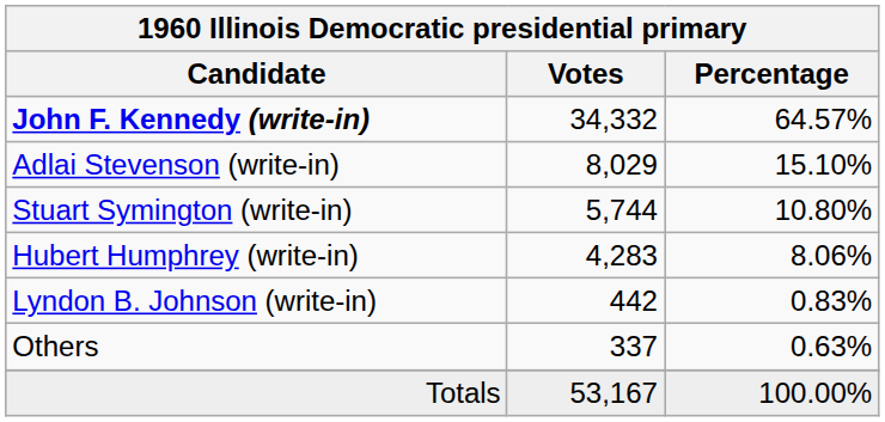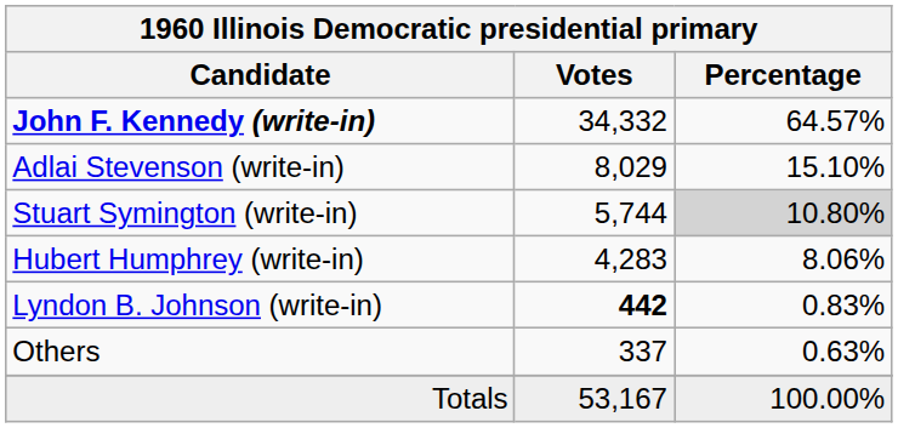 <table class="wikitable" style="font-size: 95%;">
 <tr>
 <th colspan="7">1960 Illinois Democratic presidential primary</th>
 </tr>
 <tr>
 <th style="width: 17em">Candidate</th>
 <th style="width: 5em">Votes</th>
 <th style="width: 7em">Percentage</th>
 </tr>
 <tr>
 <td><strong><a href='#'>John F. Kennedy</a> <em>(write-in)<strong><em></td>
 <td align="right"></strong>34,332<strong></td>
 <td align="right"></strong>64.57%<strong></td>
 </tr>
 <tr>
 <td><a href='#'>Adlai Stevenson</a> </em>(write-in)<em></td>
 <td align="right">8,029</td>
 <td align="right">15.10%</td>
 </tr>
 <tr>
 <td><a href='#'>Stuart Symington</a> </em>(write-in)<em></td>
 <td align="right">5,744</td>
-<td align="right">10.80%</td>
+<td align="right" style="background: lightgrey;">10.80%</td>
 </tr>
 <tr>
 <td><a href='#'>Hubert Humphrey</a> </em>(write-in)<em></td>
 <td align="right">4,283</td>
 <td align="right">8.06%</td>
 </tr>
 <tr>
 <td><a href='#'>Lyndon B. Johnson</a> </em>(write-in)<em></td>
-<td align="right">442</td>
+<td align="right"><strong>442</strong></td>
 <td align="right">0.83%</td>
 </tr>
 <tr>
 <td>Others</td>
 <td align="right">337</td>
 <td align="right">0.63%</td>
 </tr>
 <tr>
 </tr>
 <tr bgcolor="#EEEEEE">
 <td align="right"></strong>Totals<strong></td>
 <td align="right"></strong>53,167<strong></td>
 <td align="right"></strong>100.00%<strong></td>
 </tr>
 </table>
